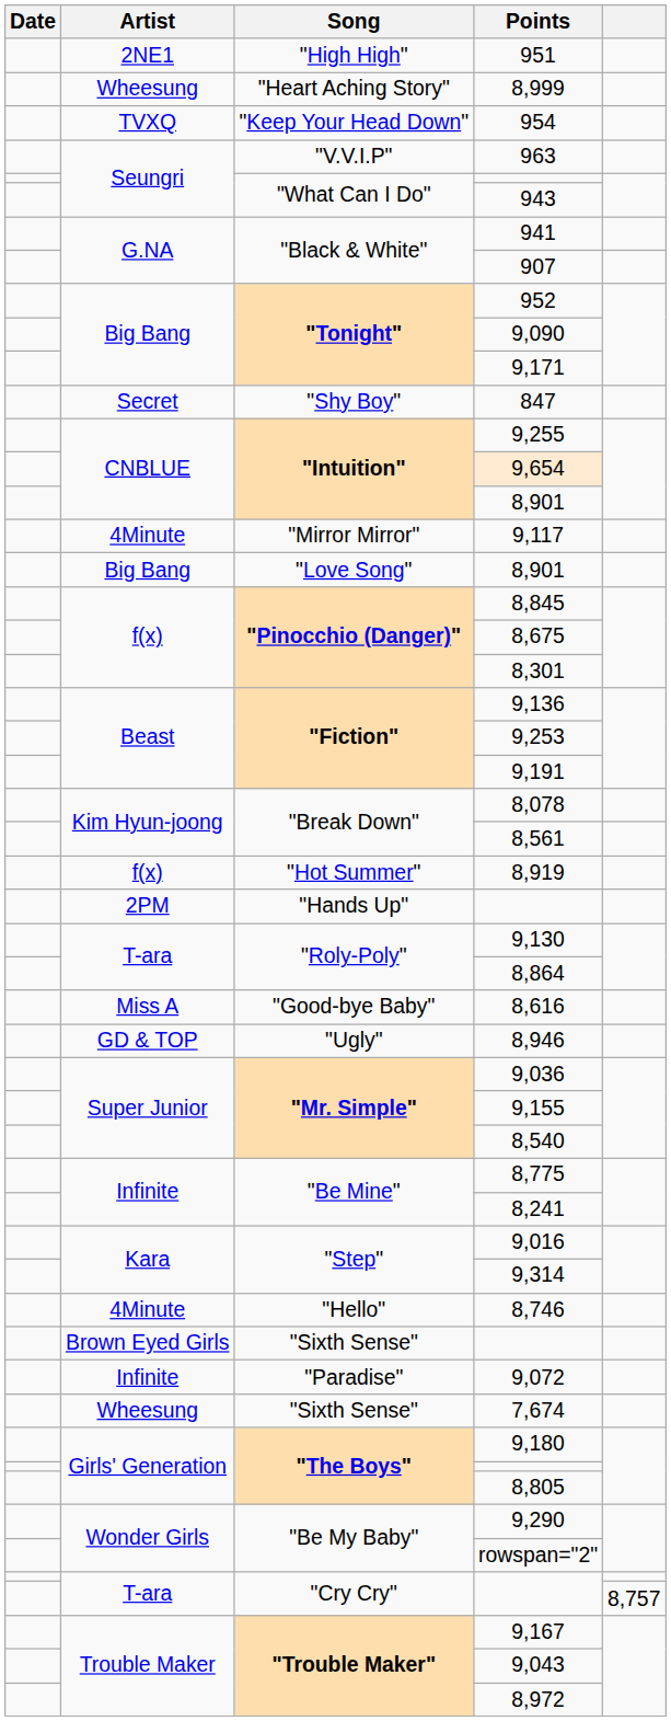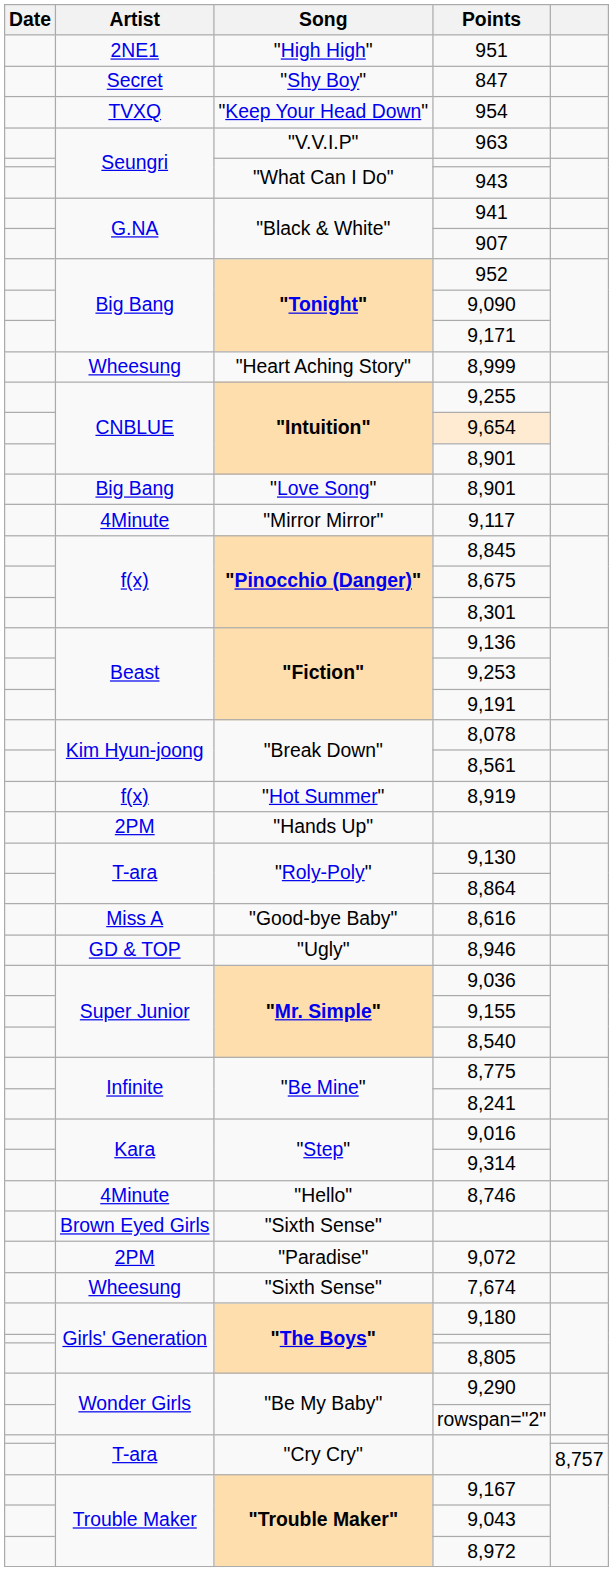 <table class="wikitable sortable" style="text-align:center">
 <tr>
 <th>Date</th>
 <th>Artist</th>
 <th>Song</th>
 <th>Points</th>
 <th class="unsortable"></th>
 </tr>
 <tr>
 <td></td>
 <td><a href='#'>2NE1</a></td>
 <td>"<a href='#'>High High</a>"</td>
 <td>951</td>
 <td></td>
 </tr>
 <tr>
 <td></td>
-<td><a href='#'>Wheesung</a></td>
-<td>"Heart Aching Story"</td>
-<td>8,999</td>
+<td><a href='#'>Secret</a></td>
+<td>"<a href='#'>Shy Boy</a>"</td>
+<td>847</td>
 <td></td>
 </tr>
 <tr>
 <td></td>
 <td><a href='#'>TVXQ</a></td>
 <td>"<a href='#'>Keep Your Head Down</a>"</td>
 <td>954</td>
 <td></td>
 </tr>
 <tr>
 <td></td>
 <td rowspan="3"><a href='#'>Seungri</a></td>
 <td>"V.V.I.P"</td>
 <td>963</td>
 <td></td>
 </tr>
 <tr>
 <td></td>
 <td rowspan="2">"What Can I Do"</td>
 <td></td>
 <td rowspan="2"></td>
 </tr>
 <tr>
 <td></td>
 <td>943</td>
 </tr>
 <tr>
 <td></td>
 <td rowspan="2"><a href='#'>G.NA</a></td>
 <td rowspan="2">"Black & White"</td>
 <td>941</td>
 <td></td>
 </tr>
 <tr>
 <td></td>
 <td>907</td>
 <td></td>
 </tr>
 <tr>
 <td></td>
 <td rowspan="3"><a href='#'>Big Bang</a></td>
 <td style="font-weight: bold; background: navajowhite;" rowspan="3">"<a href='#'>Tonight</a>"</td>
 <td>952</td>
 <td rowspan="3"></td>
 </tr>
 <tr>
 <td></td>
 <td>9,090</td>
 </tr>
 <tr>
 <td></td>
 <td>9,171</td>
 </tr>
 <tr>
 <td></td>
-<td><a href='#'>Secret</a></td>
-<td>"<a href='#'>Shy Boy</a>"</td>
-<td>847</td>
+<td><a href='#'>Wheesung</a></td>
+<td>"Heart Aching Story"</td>
+<td>8,999</td>
 <td></td>
 </tr>
 <tr>
 <td></td>
 <td rowspan="3"><a href='#'>CNBLUE</a></td>
 <td style="font-weight: bold; background: navajowhite;" rowspan="3">"Intuition"</td>
 <td>9,255</td>
 <td rowspan="3"></td>
 </tr>
 <tr>
 <td></td>
 <td style="background: #ffebd2">9,654</td>
 </tr>
 <tr>
 <td></td>
 <td>8,901</td>
 </tr>
 <tr>
 <td></td>
-<td><a href='#'>4Minute</a></td>
-<td>"Mirror Mirror"</td>
-<td>9,117</td>
+<td><a href='#'>Big Bang</a></td>
+<td>"<a href='#'>Love Song</a>"</td>
+<td>8,901</td>
 <td></td>
 </tr>
 <tr>
 <td></td>
-<td><a href='#'>Big Bang</a></td>
-<td>"<a href='#'>Love Song</a>"</td>
-<td>8,901</td>
+<td><a href='#'>4Minute</a></td>
+<td>"Mirror Mirror"</td>
+<td>9,117</td>
 <td></td>
 </tr>
 <tr>
 <td></td>
 <td rowspan="3"><a href='#'>f(x)</a></td>
 <td style="font-weight: bold; background: navajowhite;" rowspan="3">"<a href='#'>Pinocchio (Danger)</a>"</td>
 <td>8,845</td>
 <td rowspan="3"></td>
 </tr>
 <tr>
 <td></td>
 <td>8,675</td>
 </tr>
 <tr>
 <td></td>
 <td>8,301</td>
 </tr>
 <tr>
 <td></td>
 <td rowspan="3"><a href='#'>Beast</a></td>
 <td style="font-weight: bold; background: navajowhite;" rowspan="3">"Fiction"</td>
 <td>9,136</td>
 <td rowspan="3"></td>
 </tr>
 <tr>
 <td></td>
 <td>9,253</td>
 </tr>
 <tr>
 <td></td>
 <td>9,191</td>
 </tr>
 <tr>
 <td></td>
 <td rowspan="2"><a href='#'>Kim Hyun-joong</a></td>
 <td rowspan="2">"Break Down"</td>
 <td>8,078</td>
 <td></td>
 </tr>
 <tr>
 <td></td>
 <td>8,561</td>
 <td></td>
 </tr>
 <tr>
 <td></td>
 <td><a href='#'>f(x)</a></td>
 <td>"<a href='#'>Hot Summer</a>"</td>
 <td>8,919</td>
 <td></td>
 </tr>
 <tr>
 <td></td>
 <td><a href='#'>2PM</a></td>
 <td>"Hands Up"</td>
 <td></td>
 <td></td>
 </tr>
 <tr>
 <td></td>
 <td rowspan="2"><a href='#'>T-ara</a></td>
 <td rowspan="2">"<a href='#'>Roly-Poly</a>"</td>
 <td>9,130</td>
 <td rowspan="2"></td>
 </tr>
 <tr>
 <td></td>
 <td>8,864</td>
 </tr>
 <tr>
 <td></td>
 <td><a href='#'>Miss A</a></td>
 <td>"Good-bye Baby"</td>
 <td>8,616</td>
 <td></td>
 </tr>
 <tr>
 <td></td>
 <td><a href='#'>GD & TOP</a></td>
 <td>"Ugly"</td>
 <td>8,946</td>
 <td></td>
 </tr>
 <tr>
 <td></td>
 <td rowspan="3"><a href='#'>Super Junior</a></td>
 <td style="font-weight: bold; background: navajowhite;" rowspan="3">"<a href='#'>Mr. Simple</a>"</td>
 <td>9,036</td>
 <td rowspan="3"></td>
 </tr>
 <tr>
 <td></td>
 <td>9,155</td>
 </tr>
 <tr>
 <td></td>
 <td>8,540</td>
 </tr>
 <tr>
 <td></td>
 <td rowspan="2"><a href='#'>Infinite</a></td>
 <td rowspan="2">"<a href='#'>Be Mine</a>"</td>
 <td>8,775</td>
 <td rowspan="2"></td>
 </tr>
 <tr>
 <td></td>
 <td>8,241</td>
 </tr>
 <tr>
 <td></td>
 <td rowspan="2"><a href='#'>Kara</a></td>
 <td rowspan="2">"<a href='#'>Step</a>"</td>
 <td>9,016</td>
 <td rowspan="2"></td>
 </tr>
 <tr>
 <td></td>
 <td>9,314</td>
 </tr>
 <tr>
 <td></td>
 <td><a href='#'>4Minute</a></td>
 <td>"Hello"</td>
 <td>8,746</td>
 <td></td>
 </tr>
 <tr>
 <td></td>
 <td><a href='#'>Brown Eyed Girls</a></td>
 <td>"Sixth Sense"</td>
 <td></td>
 <td></td>
 </tr>
 <tr>
 <td></td>
-<td><a href='#'>Infinite</a></td>
+<td><a href='#'>2PM</a></td>
 <td>"Paradise"</td>
 <td>9,072</td>
 <td></td>
 </tr>
 <tr>
 <td></td>
 <td><a href='#'>Wheesung</a></td>
 <td>"Sixth Sense"</td>
 <td>7,674</td>
 <td></td>
 </tr>
 <tr>
 <td></td>
 <td rowspan="3"><a href='#'>Girls' Generation</a></td>
 <td style="font-weight: bold; background: navajowhite;" rowspan="3">"<a href='#'>The Boys</a>"</td>
 <td>9,180</td>
 <td rowspan="3"></td>
 </tr>
 <tr>
 <td></td>
 <td></td>
 </tr>
 <tr>
 <td></td>
 <td>8,805</td>
 </tr>
 <tr>
 <td></td>
 <td rowspan="2"><a href='#'>Wonder Girls</a></td>
 <td rowspan="2">"Be My Baby"</td>
 <td>9,290</td>
 <td rowspan="2"></td>
 </tr>
 <tr>
 <td></td>
 <td>rowspan="2" </td>
 </tr>
 <tr>
 <td></td>
 <td rowspan="2"><a href='#'>T-ara</a></td>
 <td rowspan="2">"Cry Cry"</td>
 <td rowspan="2"></td>
 </tr>
 <tr>
 <td></td>
 <td>8,757</td>
 </tr>
 <tr>
 <td></td>
 <td rowspan="3"><a href='#'>Trouble Maker</a></td>
 <td style="font-weight: bold; background: navajowhite;" rowspan="3">"Trouble Maker"</td>
 <td>9,167</td>
 <td rowspan="3"></td>
 </tr>
 <tr>
 <td></td>
 <td>9,043</td>
 </tr>
 <tr>
 <td></td>
 <td>8,972</td>
 </tr>
 <tr>
 </tr>
 </table>
